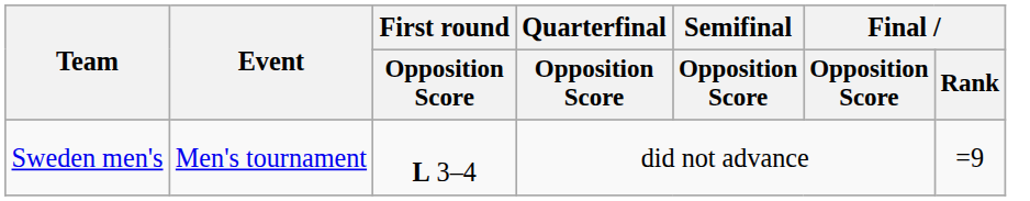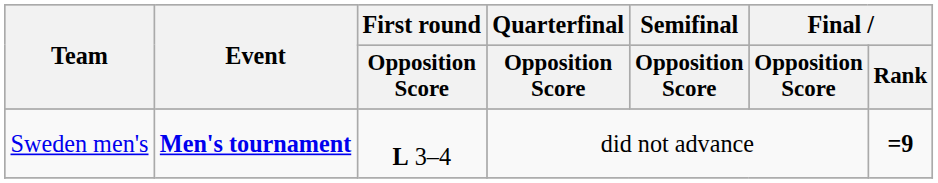 <table class="wikitable" style="font-size:90%">
 <tr>
 <th rowspan=2>Team</th>
 <th rowspan=2>Event</th>
 <th>First round</th>
 <th>Quarterfinal</th>
 <th>Semifinal</th>
 <th colspan=2>Final / </th>
 </tr>
 <tr style="font-size:95%">
 <th>Opposition<br>Score</th>
 <th>Opposition<br>Score</th>
 <th>Opposition<br>Score</th>
 <th>Opposition<br>Score</th>
 <th>Rank</th>
 </tr>
 <tr align=center>
 <td align=left><a href='#'>Sweden men's</a></td>
-<td align=left><a href='#'>Men's tournament</a></td>
+<td align=left><strong><a href='#'>Men's tournament</a></strong></td>
 <td><br><strong>L</strong> 3–4 </td>
 <td colspan=3>did not advance</td>
-<td>=9</td>
+<td><strong>=9</strong></td>
 </tr>
 </table>
